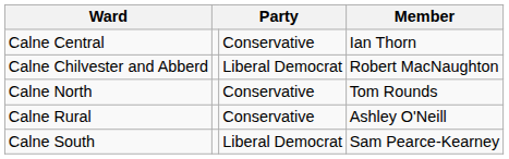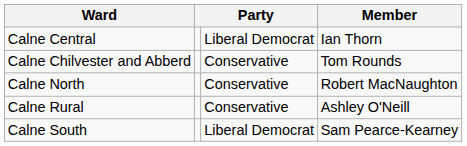 <table class="wikitable sortable">
 <tr>
 <th>Ward</th>
 <th colspan="2">Party</th>
 <th>Member</th>
 </tr>
 <tr>
 <td>Calne Central</td>
 <td style="background-color: "></td>
-<td>Conservative</td>
+<td>Liberal Democrat</td>
 <td>Ian Thorn</td>
 </tr>
 <tr>
 <td>Calne Chilvester and Abberd</td>
 <td style="background-color: "></td>
-<td>Liberal Democrat</td>
-<td>Robert MacNaughton</td>
+<td>Conservative</td>
+<td>Tom Rounds</td>
 </tr>
 <tr>
 <td>Calne North</td>
 <td style="background-color: "></td>
 <td>Conservative</td>
-<td>Tom Rounds</td>
+<td>Robert MacNaughton</td>
 </tr>
 <tr>
 <td>Calne Rural</td>
 <td style="background-color: "></td>
 <td>Conservative</td>
 <td>Ashley O'Neill</td>
 </tr>
 <tr>
 <td>Calne South</td>
 <td style="background-color: "></td>
 <td>Liberal Democrat</td>
 <td>Sam Pearce-Kearney</td>
 </tr>
 </table>
